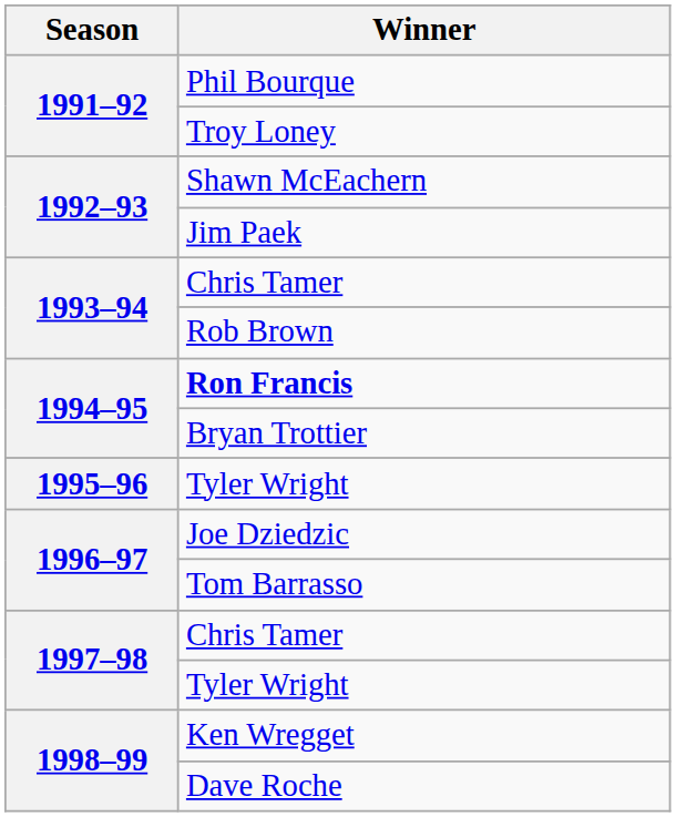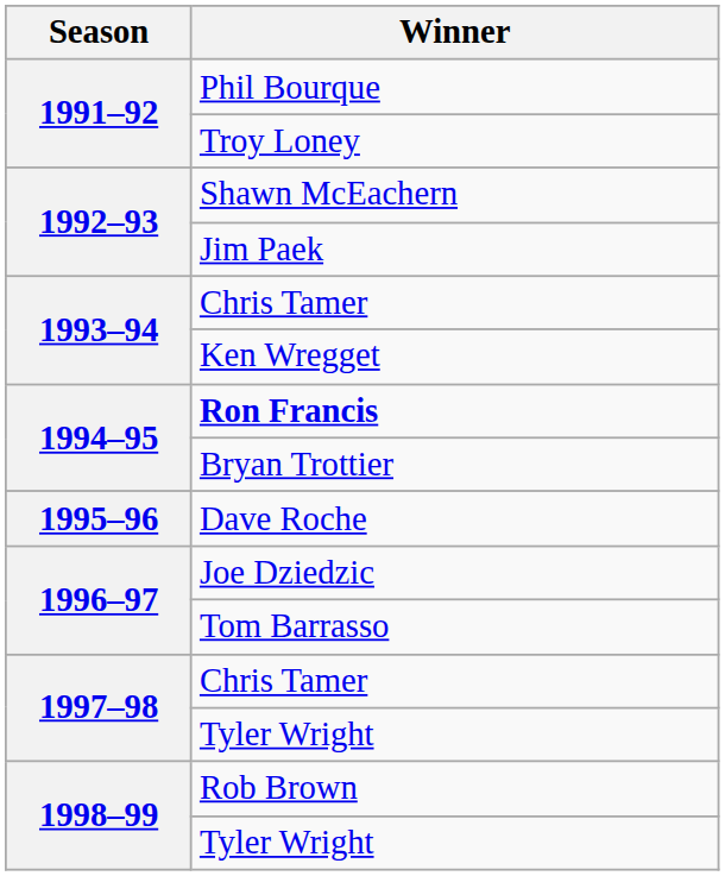 <table class="wikitable">
 <tr>
 <th scope="col" style="width:5em">Season</th>
 <th scope="col" style="width:15em">Winner</th>
 </tr>
 <tr>
 <th scope="row" rowspan="2"><a href='#'>1991–92</a></th>
 <td><a href='#'>Phil Bourque</a></td>
 </tr>
 <tr>
 <td><a href='#'>Troy Loney</a></td>
 </tr>
 <tr>
 <th scope="row" rowspan="2"><a href='#'>1992–93</a></th>
 <td><a href='#'>Shawn McEachern</a></td>
 </tr>
 <tr>
 <td><a href='#'>Jim Paek</a></td>
 </tr>
 <tr>
 <th scope="row" rowspan="2"><a href='#'>1993–94</a></th>
 <td><a href='#'>Chris Tamer</a></td>
 </tr>
 <tr>
-<td><a href='#'>Rob Brown</a></td>
+<td><a href='#'>Ken Wregget</a></td>
 </tr>
 <tr>
 <th scope="row" rowspan="2"><a href='#'>1994–95</a></th>
 <td><strong><a href='#'>Ron Francis</a></strong></td>
 </tr>
 <tr>
 <td><a href='#'>Bryan Trottier</a></td>
 </tr>
 <tr>
 <th scope="row"><a href='#'>1995–96</a></th>
-<td><a href='#'>Tyler Wright</a></td>
+<td><a href='#'>Dave Roche</a></td>
 </tr>
 <tr>
 <th scope="row" rowspan="2"><a href='#'>1996–97</a></th>
 <td><a href='#'>Joe Dziedzic</a></td>
 </tr>
 <tr>
 <td><a href='#'>Tom Barrasso</a></td>
 </tr>
 <tr>
 <th scope="row" rowspan="2"><a href='#'>1997–98</a></th>
 <td><a href='#'>Chris Tamer</a></td>
 </tr>
 <tr>
 <td><a href='#'>Tyler Wright</a></td>
 </tr>
 <tr>
 <th scope="row" rowspan="2"><a href='#'>1998–99</a></th>
-<td><a href='#'>Ken Wregget</a></td>
+<td><a href='#'>Rob Brown</a></td>
 </tr>
 <tr>
-<td><a href='#'>Dave Roche</a></td>
+<td><a href='#'>Tyler Wright</a></td>
 </tr>
 </table>
